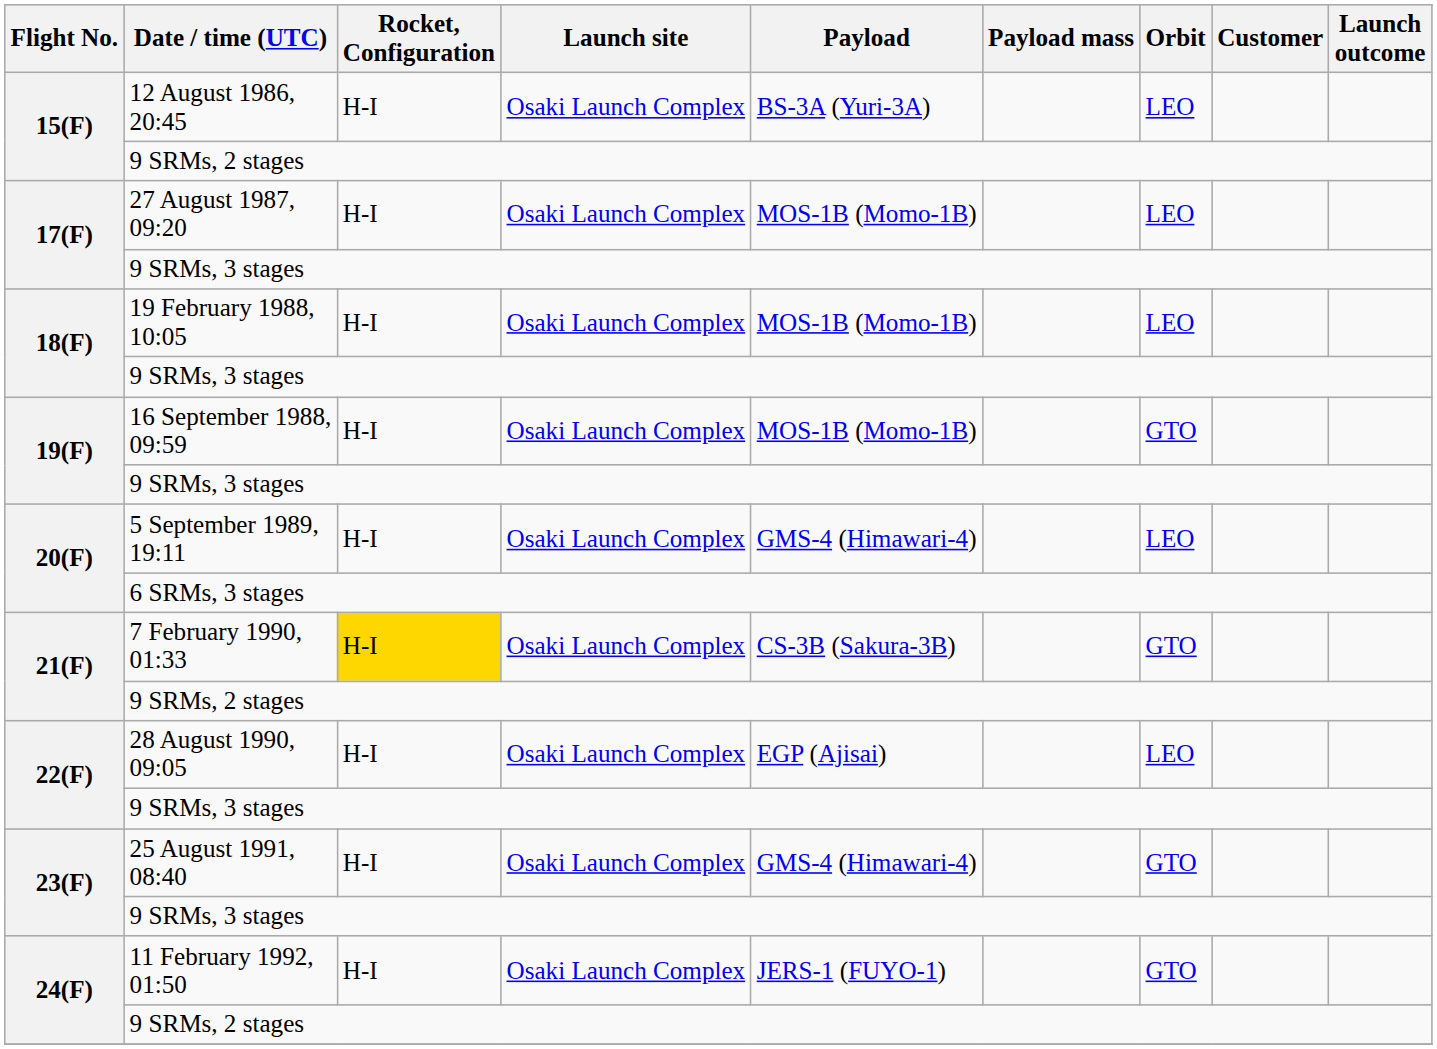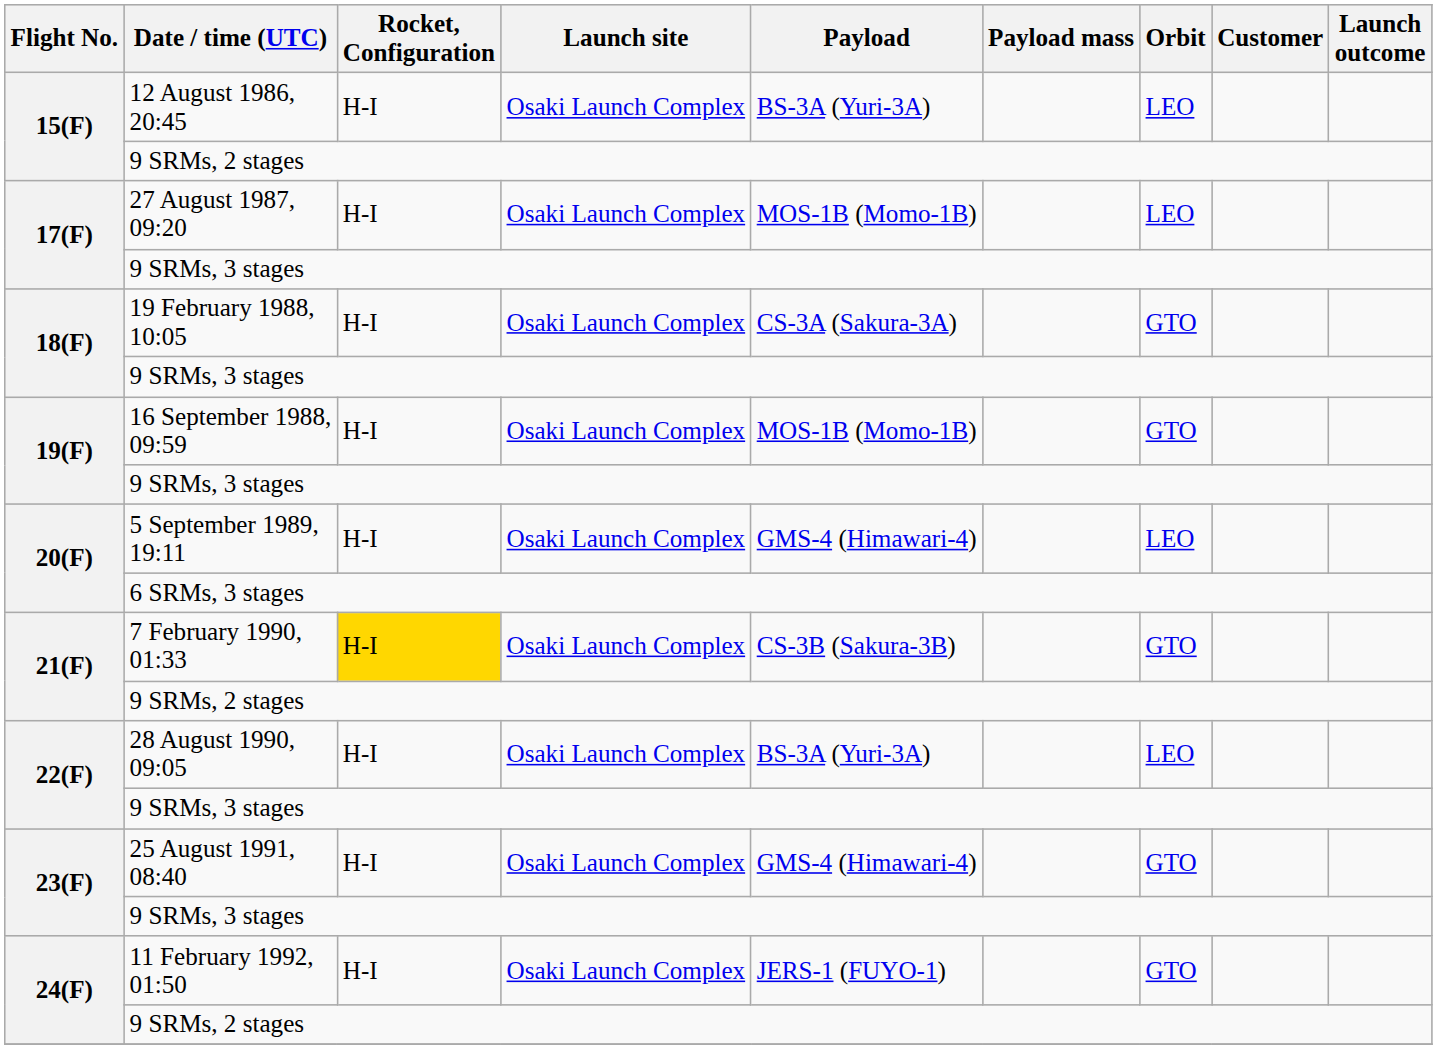 <table class="wikitable plainrowheaders">
 <tr>
 <th scope="col">Flight No.</th>
 <th scope="col">Date / time (<a href='#'>UTC</a>)</th>
 <th scope="col">Rocket, <br> Configuration</th>
 <th scope="col">Launch site</th>
 <th scope="col">Payload</th>
 <th scope="col">Payload mass</th>
 <th scope="col">Orbit</th>
 <th scope="col">Customer</th>
 <th scope="col">Launch <br> outcome</th>
 </tr>
 <tr>
 <th scope="row" rowspan=2 style="text-align:center;">15(F)</th>
 <td>12 August 1986,<br>20:45</td>
 <td>H-I</td>
 <td><a href='#'>Osaki Launch Complex</a></td>
 <td><a href='#'>BS-3A</a> (<a href='#'>Yuri-3A</a>)</td>
 <td></td>
 <td><a href='#'>LEO</a></td>
 <td></td>
 <td></td>
 </tr>
 <tr>
 <td colspan="8">9 SRMs, 2 stages</td>
 </tr>
 <tr>
 <th scope="row" rowspan=2 style="text-align:center;">17(F)</th>
 <td>27 August 1987,<br>09:20</td>
 <td>H-I</td>
 <td><a href='#'>Osaki Launch Complex</a></td>
 <td><a href='#'>MOS-1B</a> (<a href='#'>Momo-1B</a>)</td>
 <td></td>
 <td><a href='#'>LEO</a></td>
 <td></td>
 <td></td>
 </tr>
 <tr>
 <td colspan="8">9 SRMs, 3 stages</td>
 </tr>
 <tr>
 <th scope="row" rowspan=2 style="text-align:center;">18(F)</th>
 <td>19 February 1988,<br>10:05</td>
 <td>H-I</td>
 <td><a href='#'>Osaki Launch Complex</a></td>
-<td><a href='#'>MOS-1B</a> (<a href='#'>Momo-1B</a>)</td>
+<td><a href='#'>CS-3A</a> (<a href='#'>Sakura-3A</a>)</td>
 <td></td>
-<td><a href='#'>LEO</a></td>
+<td><a href='#'>GTO</a></td>
 <td></td>
 <td></td>
 </tr>
 <tr>
 <td colspan="8">9 SRMs, 3 stages</td>
 </tr>
 <tr>
 <th scope="row" rowspan=2 style="text-align:center;">19(F)</th>
 <td>16 September 1988,<br>09:59</td>
 <td>H-I</td>
 <td><a href='#'>Osaki Launch Complex</a></td>
 <td><a href='#'>MOS-1B</a> (<a href='#'>Momo-1B</a>)</td>
 <td></td>
 <td><a href='#'>GTO</a></td>
 <td></td>
 <td></td>
 </tr>
 <tr>
 <td colspan="8">9 SRMs, 3 stages</td>
 </tr>
 <tr>
 <th scope="row" rowspan=2 style="text-align:center;">20(F)</th>
 <td>5 September 1989,<br>19:11</td>
 <td>H-I</td>
 <td><a href='#'>Osaki Launch Complex</a></td>
 <td><a href='#'>GMS-4</a> (<a href='#'>Himawari-4</a>)</td>
 <td></td>
 <td><a href='#'>LEO</a></td>
 <td></td>
 <td></td>
 </tr>
 <tr>
 <td colspan="8">6 SRMs, 3 stages</td>
 </tr>
 <tr>
 <th scope="row" rowspan=2 style="text-align:center;">21(F)</th>
 <td>7 February 1990,<br>01:33</td>
 <td style="background: gold;">H-I</td>
 <td><a href='#'>Osaki Launch Complex</a></td>
 <td><a href='#'>CS-3B</a> (<a href='#'>Sakura-3B</a>)</td>
 <td></td>
 <td><a href='#'>GTO</a></td>
 <td></td>
 <td></td>
 </tr>
 <tr>
 <td colspan="8">9 SRMs, 2 stages</td>
 </tr>
 <tr>
 <th scope="row" rowspan=2 style="text-align:center;">22(F)</th>
 <td>28 August 1990,<br>09:05</td>
 <td>H-I</td>
 <td><a href='#'>Osaki Launch Complex</a></td>
-<td><a href='#'>EGP</a> (<a href='#'>Ajisai</a>)</td>
+<td><a href='#'>BS-3A</a> (<a href='#'>Yuri-3A</a>)</td>
 <td></td>
 <td><a href='#'>LEO</a></td>
 <td></td>
 <td></td>
 </tr>
 <tr>
 <td colspan="8">9 SRMs, 3 stages</td>
 </tr>
 <tr>
 <th scope="row" rowspan=2 style="text-align:center;">23(F)</th>
 <td>25 August 1991,<br>08:40</td>
 <td>H-I</td>
 <td><a href='#'>Osaki Launch Complex</a></td>
 <td><a href='#'>GMS-4</a> (<a href='#'>Himawari-4</a>)</td>
 <td></td>
 <td><a href='#'>GTO</a></td>
 <td></td>
 <td></td>
 </tr>
 <tr>
 <td colspan="8">9 SRMs, 3 stages</td>
 </tr>
 <tr>
 <th scope="row" rowspan=2 style="text-align:center;">24(F)</th>
 <td>11 February 1992,<br>01:50</td>
 <td>H-I</td>
 <td><a href='#'>Osaki Launch Complex</a></td>
 <td><a href='#'>JERS-1</a> (<a href='#'>FUYO-1</a>)</td>
 <td></td>
 <td><a href='#'>GTO</a></td>
 <td></td>
 <td></td>
 </tr>
 <tr>
 <td colspan="8">9 SRMs, 2 stages</td>
 </tr>
 <tr>
 </tr>
 </table>
